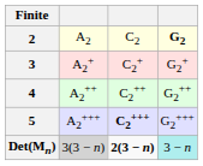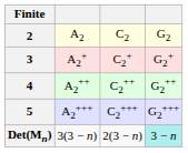 <table class="wikitable">
 <tr>
 <th>Finite</th>
 <th></th>
 <th></th>
 <th><a href='#'></a></th>
 </tr>
 <tr align=center>
 <th>2</th>
 <td BGCOLOR="#ffffe0">A<sub>2</sub></td>
 <td BGCOLOR="#ffffe0">C<sub>2</sub></td>
-<td BGCOLOR="#ffffe0"><strong>G<sub>2</sub></strong></td>
+<td BGCOLOR="#ffffe0">G<sub>2</sub></td>
 </tr>
 <tr align=center>
 <th>3</th>
 <td BGCOLOR="#ffe0e0">A<sub>2</sub><sup>+</sup></td>
 <td BGCOLOR="#ffe0e0">C<sub>2</sub><sup>+</sup></td>
 <td BGCOLOR="#ffe0e0">G<sub>2</sub><sup>+</sup></td>
 </tr>
 <tr align=center>
 <th>4</th>
 <td BGCOLOR="#e0ffe0">A<sub>2</sub><sup>++</sup></td>
 <td BGCOLOR="#e0ffe0">C<sub>2</sub><sup>++</sup></td>
 <td BGCOLOR="#e0ffe0">G<sub>2</sub><sup>++</sup></td>
 </tr>
 <tr align=center>
 <th>5</th>
 <td BGCOLOR="#e0e0ff">A<sub>2</sub><sup>+++</sup></td>
-<td BGCOLOR="#e0e0ff"><strong>C<sub>2</sub><sup>+++</sup></strong></td>
+<td BGCOLOR="#e0e0ff">C<sub>2</sub><sup>+++</sup></td>
 <td BGCOLOR="#e0e0ff">G<sub>2</sub><sup>+++</sup></td>
 </tr>
 <tr align=center>
 <th>Det(M<sub><em>n</em></sub>)</th>
-<td style="background: lightgrey;">3(3 − <em>n</em>)</td>
-<td><strong>2(3 − <em>n</em>)</strong></td>
+<td>3(3 − <em>n</em>)</td>
+<td>2(3 − <em>n</em>)</td>
 <td style="background: paleturquoise;">3 − <em>n</em></td>
 </tr>
 </table>
